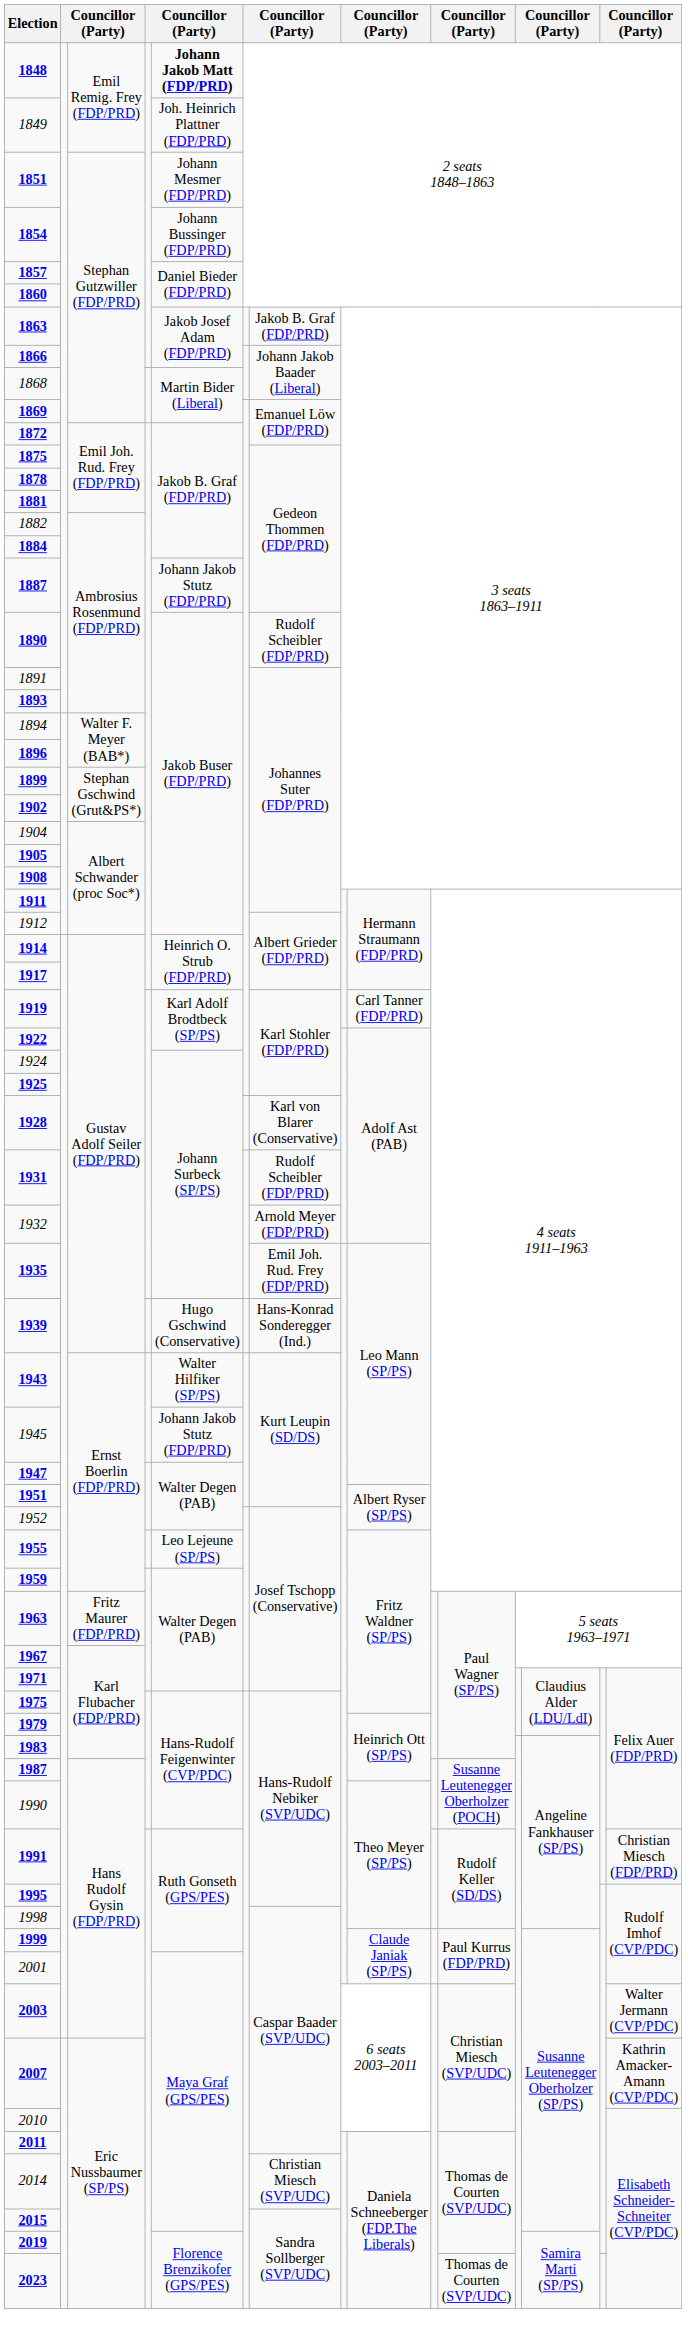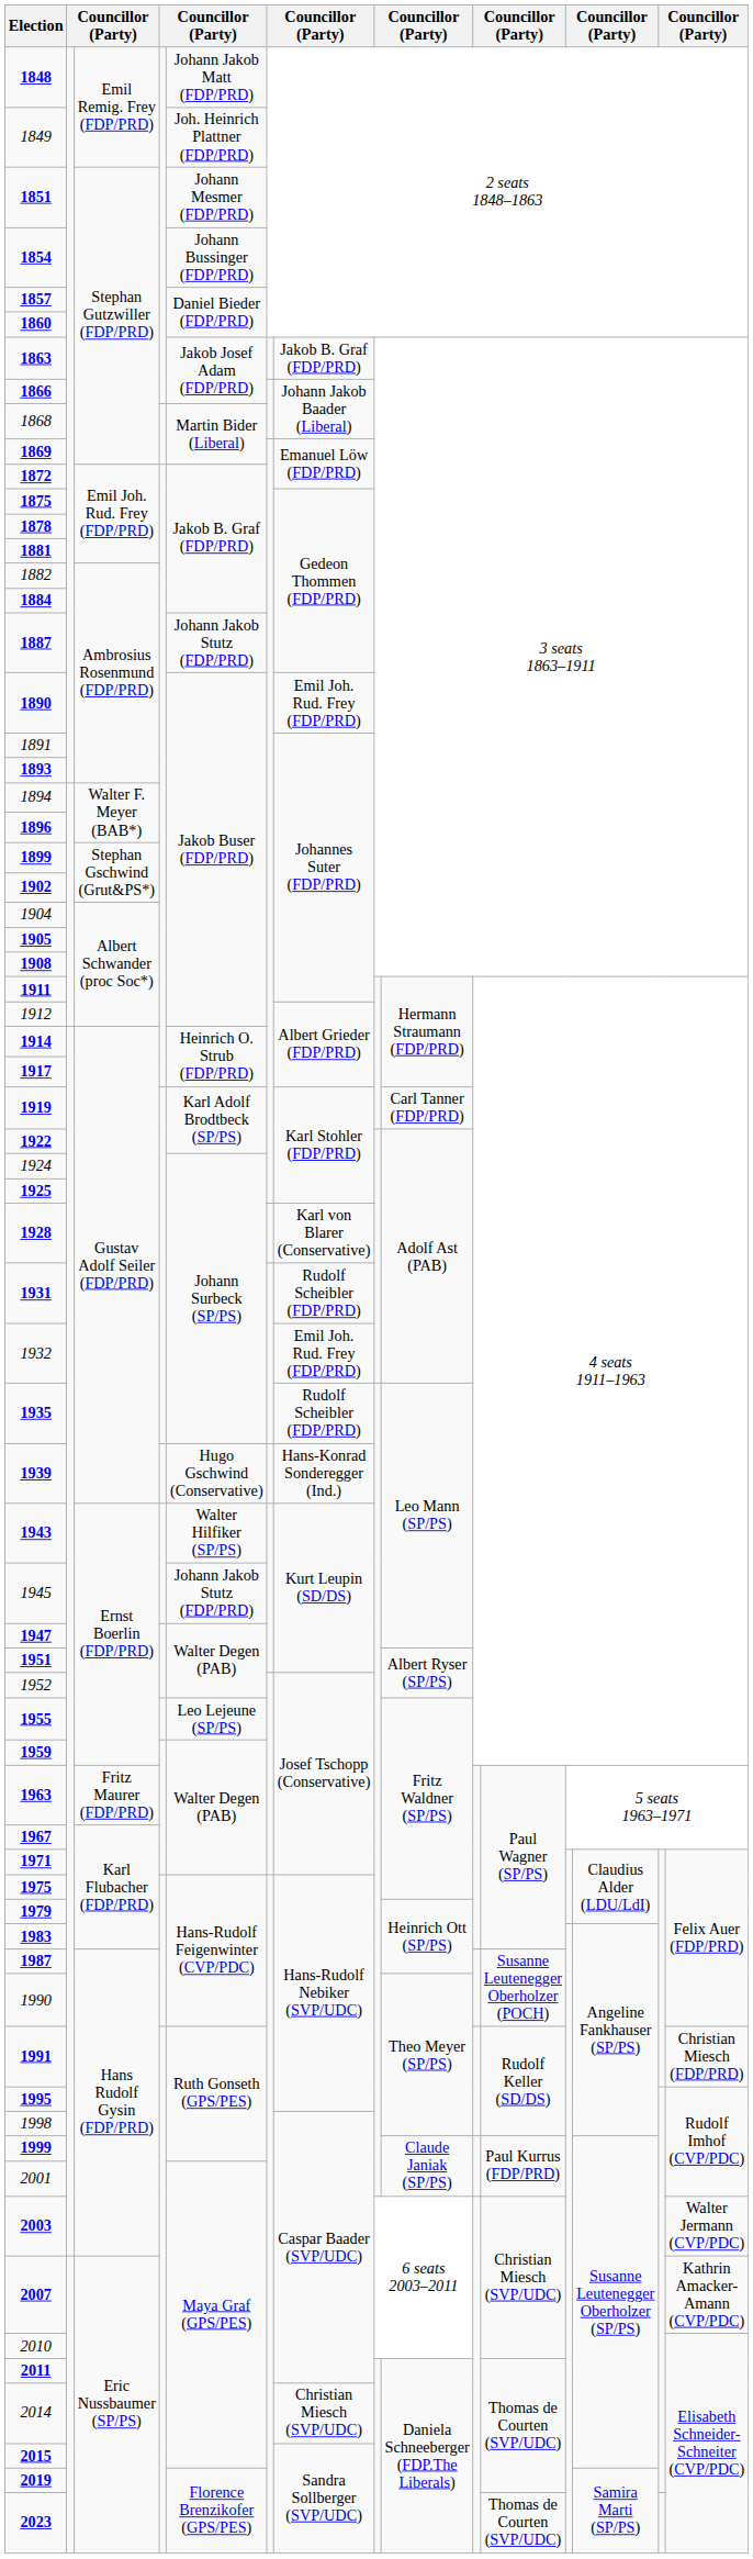 <table class="wikitable" style="text-align:center">
 <tr>
 <th>Election</th>
 <th colspan=2>Councillor<br>(Party)</th>
 <th colspan=2>Councillor<br>(Party)</th>
 <th colspan=2>Councillor<br>(Party)</th>
 <th colspan=2>Councillor<br>(Party)</th>
 <th colspan=2>Councillor<br>(Party)</th>
 <th colspan=2>Councillor<br>(Party)</th>
 <th colspan=2>Councillor<br>(Party)</th>
 </tr>
 <tr>
 <td><strong><a href='#'>1848</a></strong></td>
 <td rowspan=20; style="background-color: "></td>
 <td rowspan=2>Emil Remig. Frey<br>(<a href='#'>FDP/PRD</a>)</td>
 <td rowspan=8; style="background-color: "></td>
-<td rowspan=1><strong>Johann Jakob Matt<br>(<a href='#'>FDP/PRD</a>)</strong></td>
+<td rowspan=1>Johann Jakob Matt<br>(<a href='#'>FDP/PRD</a>)</td>
 <td style="background-color:#FFFFFF" rowspan=6 colspan=10><em>2 seats<br>1848–1863</em></td>
 </tr>
 <tr>
 <td><em>1849</em></td>
 <td rowspan=1>Joh. Heinrich Plattner<br>(<a href='#'>FDP/PRD</a>)</td>
 </tr>
 <tr>
 <td><strong><a href='#'>1851</a></strong></td>
 <td rowspan=8>Stephan Gutzwiller<br>(<a href='#'>FDP/PRD</a>)</td>
 <td rowspan=1>Johann Mesmer<br>(<a href='#'>FDP/PRD</a>)</td>
 </tr>
 <tr>
 <td><strong><a href='#'>1854</a></strong></td>
 <td rowspan=1>Johann Bussinger<br>(<a href='#'>FDP/PRD</a>)</td>
 </tr>
 <tr>
 <td><strong><a href='#'>1857</a></strong></td>
 <td rowspan=2>Daniel Bieder<br>(<a href='#'>FDP/PRD</a>)</td>
 </tr>
 <tr>
 <td><strong><a href='#'>1860</a></strong></td>
 </tr>
 <tr>
 <td><strong><a href='#'>1863</a></strong></td>
 <td rowspan=2>Jakob Josef Adam<br>(<a href='#'>FDP/PRD</a>)</td>
 <td rowspan=1; style="background-color: "></td>
 <td rowspan=1>Jakob B. Graf<br>(<a href='#'>FDP/PRD</a>)</td>
 <td style="background-color:#FFFFFF" rowspan=21 colspan=8><em>3 seats<br>1863–1911</em></td>
 </tr>
 <tr>
 <td><strong><a href='#'>1866</a></strong></td>
 <td rowspan=2; style="background-color: "></td>
 <td rowspan=2>Johann Jakob Baader<br>(<a href='#'>Liberal</a>)</td>
 </tr>
 <tr>
 <td><em>1868</em></td>
 <td rowspan=2; style="background-color: "></td>
 <td rowspan=2>Martin Bider<br>(<a href='#'>Liberal</a>)</td>
 </tr>
 <tr>
 <td><strong><a href='#'>1869</a></strong></td>
 <td rowspan=26; style="background-color: "></td>
 <td rowspan=2>Emanuel Löw<br>(<a href='#'>FDP/PRD</a>)</td>
 </tr>
 <tr>
 <td><strong><a href='#'>1872</a></strong></td>
 <td rowspan=4>Emil Joh. Rud. Frey<br>(<a href='#'>FDP/PRD</a>)</td>
 <td rowspan=21; style="background-color: "></td>
 <td rowspan=6>Jakob B. Graf<br>(<a href='#'>FDP/PRD</a>)</td>
 </tr>
 <tr>
 <td><strong><a href='#'>1875</a></strong></td>
 <td rowspan=6>Gedeon Thommen<br>(<a href='#'>FDP/PRD</a>)</td>
 </tr>
 <tr>
 <td><strong><a href='#'>1878</a></strong></td>
 </tr>
 <tr>
 <td><strong><a href='#'>1881</a></strong></td>
 </tr>
 <tr>
 <td><em>1882</em></td>
 <td rowspan=6>Ambrosius Rosenmund<br>(<a href='#'>FDP/PRD</a>)</td>
 </tr>
 <tr>
 <td><strong><a href='#'>1884</a></strong></td>
 </tr>
 <tr>
 <td><strong><a href='#'>1887</a></strong></td>
 <td rowspan=1>Johann Jakob Stutz<br>(<a href='#'>FDP/PRD</a>)</td>
 </tr>
 <tr>
 <td><strong><a href='#'>1890</a></strong></td>
 <td rowspan=12>Jakob Buser<br>(<a href='#'>FDP/PRD</a>)</td>
-<td rowspan=1>Rudolf Scheibler<br>(<a href='#'>FDP/PRD</a>)</td>
+<td rowspan=1>Emil Joh. Rud. Frey<br>(<a href='#'>FDP/PRD</a>)</td>
 </tr>
 <tr>
 <td><em>1891</em></td>
 <td rowspan=10>Johannes Suter<br>(<a href='#'>FDP/PRD</a>)</td>
 </tr>
 <tr>
 <td><strong><a href='#'>1893</a></strong></td>
 </tr>
 <tr>
 <td><em>1894</em></td>
 <td rowspan=9; style="background-color: "></td>
 <td rowspan=2>Walter F. Meyer<br>(BAB*)</td>
 </tr>
 <tr>
 <td><strong><a href='#'>1896</a></strong></td>
 </tr>
 <tr>
 <td><strong><a href='#'>1899</a></strong></td>
 <td rowspan=2>Stephan Gschwind<br>(Grut&PS*)</td>
 </tr>
 <tr>
 <td><strong><a href='#'>1902</a></strong></td>
 </tr>
 <tr>
 <td><em>1904</em></td>
 <td rowspan=5>Albert Schwander<br>(proc Soc*)</td>
 </tr>
 <tr>
 <td><strong><a href='#'>1905</a></strong></td>
 </tr>
 <tr>
 <td><strong><a href='#'>1908</a></strong></td>
 </tr>
 <tr>
 <td><strong><a href='#'>1911</a></strong></td>
 <td rowspan=5; style="background-color: "></td>
 <td rowspan=4>Hermann Straumann<br>(<a href='#'>FDP/PRD</a>)</td>
 <td style="background-color:#FFFFFF" rowspan=20 colspan=6><em>4 seats<br>1911–1963</em></td>
 </tr>
 <tr>
 <td><em>1912</em></td>
 <td rowspan=3>Albert Grieder<br>(<a href='#'>FDP/PRD</a>)</td>
 </tr>
 <tr>
 <td><strong><a href='#'>1914</a></strong></td>
 <td rowspan=32; style="background-color: "></td>
 <td rowspan=11>Gustav Adolf Seiler<br>(<a href='#'>FDP/PRD</a>)</td>
 <td rowspan=2>Heinrich O. Strub<br>(<a href='#'>FDP/PRD</a>)</td>
 </tr>
 <tr>
 <td><strong><a href='#'>1917</a></strong></td>
 </tr>
 <tr>
 <td><strong><a href='#'>1919</a></strong></td>
 <td rowspan=8; style="background-color: "></td>
 <td rowspan=2>Karl Adolf Brodtbeck<br>(<a href='#'>SP/PS</a>)</td>
 <td rowspan=4>Karl Stohler<br>(<a href='#'>FDP/PRD</a>)</td>
 <td rowspan=1>Carl Tanner<br>(<a href='#'>FDP/PRD</a>)</td>
 </tr>
 <tr>
 <td><strong><a href='#'>1922</a></strong></td>
 <td rowspan=6; style="background-color: "></td>
 <td rowspan=6>Adolf Ast<br>(PAB)</td>
 </tr>
 <tr>
 <td><em>1924</em></td>
 <td rowspan=6>Johann Surbeck<br>(<a href='#'>SP/PS</a>)</td>
 </tr>
 <tr>
 <td><strong><a href='#'>1925</a></strong></td>
 </tr>
 <tr>
 <td><strong><a href='#'>1928</a></strong></td>
 <td rowspan=1; style="background-color: "></td>
 <td rowspan=1>Karl von Blarer<br>(Conservative)</td>
 </tr>
 <tr>
 <td><strong><a href='#'>1931</a></strong></td>
 <td rowspan=3; style="background-color: "></td>
 <td rowspan=1>Rudolf Scheibler<br>(<a href='#'>FDP/PRD</a>)</td>
 </tr>
 <tr>
 <td><em>1932</em></td>
-<td rowspan=1>Arnold Meyer<br>(<a href='#'>FDP/PRD</a>)</td>
+<td rowspan=1>Emil Joh. Rud. Frey<br>(<a href='#'>FDP/PRD</a>)</td>
 </tr>
 <tr>
 <td><strong><a href='#'>1935</a></strong></td>
-<td rowspan=1>Emil Joh. Rud. Frey<br>(<a href='#'>FDP/PRD</a>)</td>
+<td rowspan=1>Rudolf Scheibler<br>(<a href='#'>FDP/PRD</a>)</td>
 <td rowspan=22; style="background-color: "></td>
 <td rowspan=5>Leo Mann<br>(<a href='#'>SP/PS</a>)</td>
 </tr>
 <tr>
 <td><strong><a href='#'>1939</a></strong></td>
 <td rowspan=1; style="background-color: "></td>
 <td rowspan=1>Hugo Gschwind<br>(Conservative)</td>
 <td rowspan=1; style="background-color: "></td>
 <td rowspan=1>Hans-Konrad Sonderegger<br>(Ind.)</td>
 </tr>
 <tr>
 <td><strong><a href='#'>1943</a></strong></td>
 <td rowspan=7>Ernst Boerlin<br>(<a href='#'>FDP/PRD</a>)</td>
 <td rowspan=2; style="background-color: "></td>
 <td rowspan=1>Walter Hilfiker<br>(<a href='#'>SP/PS</a>)</td>
 <td rowspan=4; style="background-color: "></td>
 <td rowspan=4>Kurt Leupin<br>(<a href='#'>SD/DS</a>)</td>
 </tr>
 <tr>
 <td><em>1945</em></td>
 <td rowspan=1>Johann Jakob Stutz<br>(<a href='#'>FDP/PRD</a>)</td>
 </tr>
 <tr>
 <td><strong><a href='#'>1947</a></strong></td>
 <td rowspan=3; style="background-color: "></td>
 <td rowspan=3>Walter Degen<br>(PAB)</td>
 </tr>
 <tr>
 <td><strong><a href='#'>1951</a></strong></td>
 <td rowspan=2>Albert Ryser<br>(<a href='#'>SP/PS</a>)</td>
 </tr>
 <tr>
 <td><em>1952</em></td>
 <td rowspan=6; style="background-color: "></td>
 <td rowspan=6>Josef Tschopp<br>(Conservative)</td>
 </tr>
 <tr>
 <td><strong><a href='#'>1955</a></strong></td>
 <td rowspan=1; style="background-color: "></td>
 <td rowspan=1>Leo Lejeune<br>(<a href='#'>SP/PS</a>)</td>
 <td rowspan=6>Fritz Waldner<br>(<a href='#'>SP/PS</a>)</td>
 </tr>
 <tr>
 <td><strong><a href='#'>1959</a></strong></td>
 <td rowspan=4; style="background-color: "></td>
 <td rowspan=4>Walter Degen<br>(PAB)</td>
 </tr>
 <tr>
 <td><strong><a href='#'>1963</a></strong></td>
 <td rowspan=1>Fritz Maurer<br>(<a href='#'>FDP/PRD</a>)</td>
 <td rowspan=6; style="background-color: "></td>
 <td rowspan=6>Paul Wagner<br>(<a href='#'>SP/PS</a>)</td>
 <td style="background-color:#FFFFFF" rowspan=2 colspan=4><em>5 seats<br>1963–1971</em></td>
 </tr>
 <tr>
 <td><strong><a href='#'>1967</a></strong></td>
 <td rowspan=5>Karl Flubacher<br>(<a href='#'>FDP/PRD</a>)</td>
 </tr>
 <tr>
 <td><strong><a href='#'>1971</a></strong></td>
 <td rowspan=3; style="background-color: "></td>
 <td rowspan=3>Claudius Alder<br>(<a href='#'>LDU/LdI</a>)</td>
 <td rowspan=7; style="background-color: "></td>
 <td rowspan=6>Felix Auer<br>(<a href='#'>FDP/PRD</a>)</td>
 </tr>
 <tr>
 <td><strong><a href='#'>1975</a></strong></td>
 <td rowspan=5; style="background-color: "></td>
 <td rowspan=5>Hans-Rudolf Feigenwinter<br>(<a href='#'>CVP/PDC</a>)</td>
 <td rowspan=18; style="background-color: "></td>
 <td rowspan=7>Hans-Rudolf Nebiker<br>(<a href='#'>SVP/UDC</a>)</td>
 </tr>
 <tr>
 <td><strong><a href='#'>1979</a></strong></td>
 <td rowspan=3>Heinrich Ott<br>(<a href='#'>SP/PS</a>)</td>
 </tr>
 <tr>
 <td><strong><a href='#'>1983</a></strong></td>
 <td rowspan=16; style="background-color: "></td>
 <td rowspan=6>Angeline Fankhauser<br>(<a href='#'>SP/PS</a>)</td>
 </tr>
 <tr>
 <td><strong><a href='#'>1987</a></strong></td>
 <td rowspan=8>Hans Rudolf Gysin<br>(<a href='#'>FDP/PRD</a>)</td>
 <td rowspan=2; style="background-color: "></td>
 <td rowspan=2><a href='#'>Susanne Leutenegger Oberholzer</a><br>(<a href='#'>POCH</a>)</td>
 </tr>
 <tr>
 <td><em>1990</em></td>
 <td rowspan=4>Theo Meyer<br>(<a href='#'>SP/PS</a>)</td>
 </tr>
 <tr>
 <td><strong><a href='#'>1991</a></strong></td>
 <td rowspan=13; style="background-color: "></td>
 <td rowspan=4>Ruth Gonseth<br>(<a href='#'>GPS/PES</a>)</td>
 <td rowspan=3; style="background-color: "></td>
 <td rowspan=3>Rudolf Keller<br>(<a href='#'>SD/DS</a>)</td>
 <td rowspan=1>Christian Miesch<br>(<a href='#'>FDP/PRD</a>)</td>
 </tr>
 <tr>
 <td><strong><a href='#'>1995</a></strong></td>
 <td rowspan=11; style="background-color: "></td>
 <td rowspan=4>Rudolf Imhof<br>(<a href='#'>CVP/PDC</a>)</td>
 </tr>
 <tr>
 <td><em>1998</em></td>
 <td rowspan=7>Caspar Baader<br>(<a href='#'>SVP/UDC</a>)</td>
 </tr>
 <tr>
 <td><strong><a href='#'>1999</a></strong></td>
 <td rowspan=2><a href='#'>Claude Janiak</a><br>(<a href='#'>SP/PS</a>)</td>
 <td rowspan=2; style="background-color: "></td>
 <td rowspan=2>Paul Kurrus<br>(<a href='#'>FDP/PRD</a>)</td>
 <td rowspan=8><a href='#'>Susanne Leutenegger Oberholzer</a><br>(<a href='#'>SP/PS</a>)</td>
 </tr>
 <tr>
 <td><em>2001</em></td>
 <td rowspan=7><a href='#'>Maya Graf</a><br>(<a href='#'>GPS/PES</a>)</td>
 </tr>
 <tr>
 <td><strong><a href='#'>2003</a></strong></td>
 <td style="background-color:#FFFFFF" rowspan=3 colspan=2><em>6 seats<br>2003–2011</em></td>
 <td rowspan=8; style="background-color: "></td>
 <td rowspan=3>Christian Miesch<br>(<a href='#'>SVP/UDC</a>)</td>
 <td rowspan=1>Walter Jermann<br>(<a href='#'>CVP/PDC</a>)</td>
 </tr>
 <tr>
 <td><strong><a href='#'>2007</a></strong></td>
 <td rowspan=7; style="background-color: "></td>
 <td rowspan=7>Eric Nussbaumer<br>(<a href='#'>SP/PS</a>)</td>
 <td rowspan=1>Kathrin Amacker-Amann<br>(<a href='#'>CVP/PDC</a>)</td>
 </tr>
 <tr>
 <td><em>2010</em></td>
 <td rowspan=6><a href='#'>Elisabeth Schneider-Schneiter</a><br>(<a href='#'>CVP/PDC</a>)</td>
 </tr>
 <tr>
 <td><strong><a href='#'>2011</a></strong></td>
 <td rowspan=5; style="background-color: "></td>
 <td rowspan=5>Daniela Schneeberger<br>(<a href='#'>FDP.The Liberals</a>)</td>
 <td rowspan=4>Thomas de Courten<br>(<a href='#'>SVP/UDC</a>)</td>
 </tr>
 <tr>
 <td><em>2014</em></td>
 <td rowspan=1>Christian Miesch<br>(<a href='#'>SVP/UDC</a>)</td>
 </tr>
 <tr>
 <td><strong><a href='#'>2015</a></strong></td>
 <td rowspan=3>Sandra Sollberger<br>(<a href='#'>SVP/UDC</a>)</td>
 </tr>
 <tr>
 <td><strong><a href='#'>2019</a></strong></td>
 <td rowspan=2><a href='#'>Florence Brenzikofer</a><br>(<a href='#'>GPS/PES</a>)</td>
 <td rowspan=2><a href='#'>Samira Marti</a><br>(<a href='#'>SP/PS</a>)</td>
 </tr>
 <tr>
 <td><strong><a href='#'>2023</a></strong></td>
 <td rowspan=1>Thomas de Courten<br>(<a href='#'>SVP/UDC</a>)</td>
 <td rowspan=1; style="background-color: "></td>
 </tr>
 </table>
